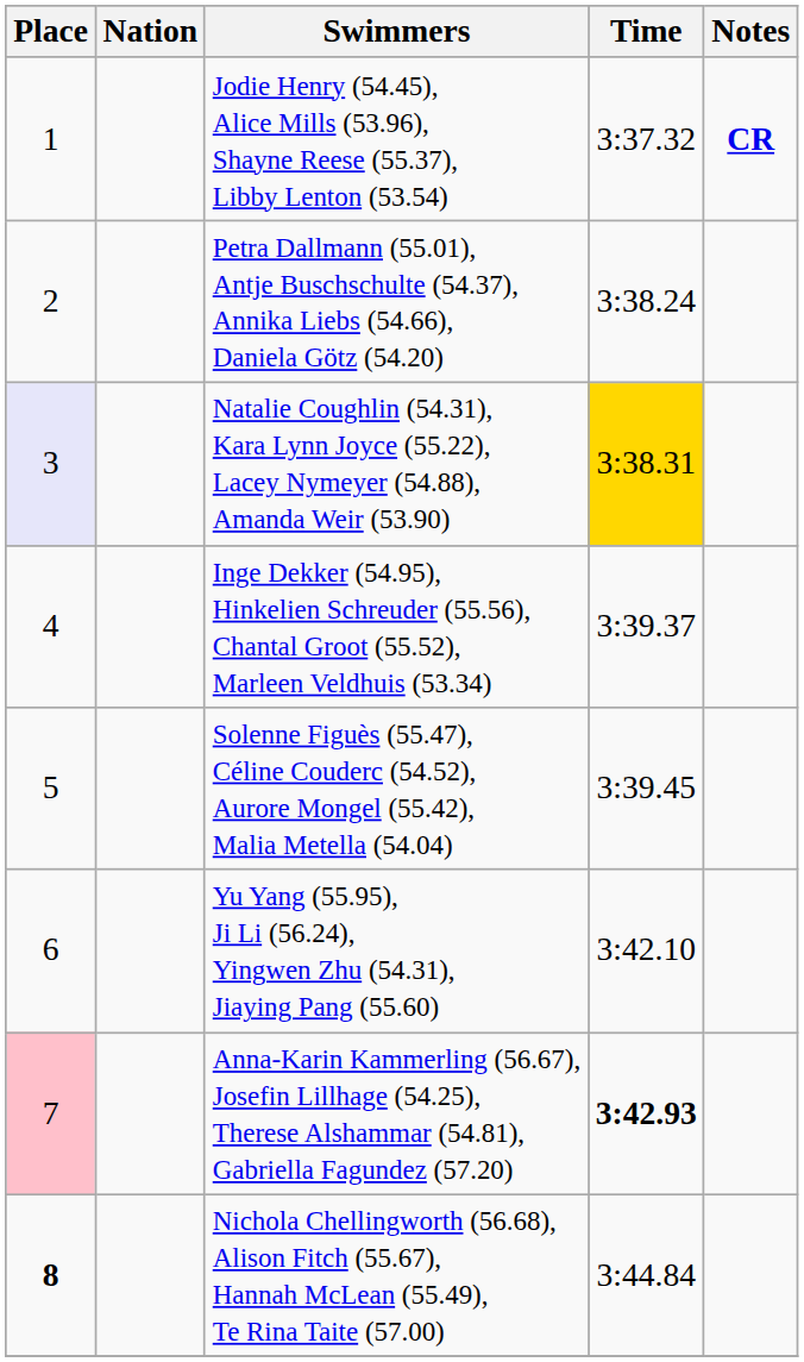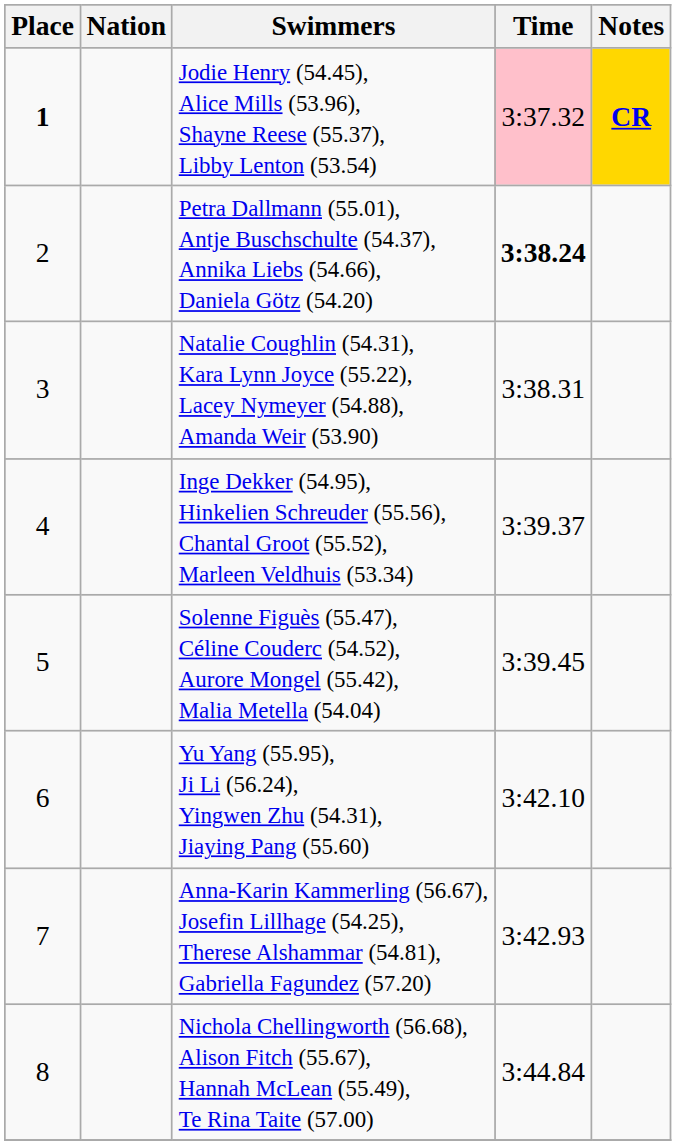 <table class="wikitable sortable" style="text-align:center">
 <tr>
 <th>Place</th>
 <th>Nation</th>
 <th>Swimmers</th>
 <th>Time</th>
 <th>Notes</th>
 </tr>
 <tr>
-<td>1</td>
+<td><strong>1</strong></td>
 <td align=left></td>
 <td align=left><small> <a href='#'>Jodie Henry</a> (54.45),<br> <a href='#'>Alice Mills</a> (53.96),<br> <a href='#'>Shayne Reese</a> (55.37),<br> <a href='#'>Libby Lenton</a> (53.54) </small></td>
-<td>3:37.32</td>
-<td><strong><a href='#'>CR</a></strong></td>
+<td style="background: pink;">3:37.32</td>
+<td style="background: gold;"><strong><a href='#'>CR</a></strong></td>
 </tr>
 <tr>
 <td>2</td>
 <td align=left></td>
 <td align=left><small> <a href='#'>Petra Dallmann</a> (55.01),<br> <a href='#'>Antje Buschschulte</a> (54.37),<br> <a href='#'>Annika Liebs</a> (54.66),<br> <a href='#'>Daniela Götz</a> (54.20) </small></td>
-<td>3:38.24</td>
+<td><strong>3:38.24</strong></td>
 <td></td>
 </tr>
 <tr>
-<td style="background: lavender;">3</td>
+<td>3</td>
 <td align=left></td>
 <td align=left><small> <a href='#'>Natalie Coughlin</a> (54.31),<br> <a href='#'>Kara Lynn Joyce</a> (55.22),<br> <a href='#'>Lacey Nymeyer</a> (54.88),<br> <a href='#'>Amanda Weir</a> (53.90) </small></td>
-<td style="background: gold;">3:38.31</td>
+<td>3:38.31</td>
 <td></td>
 </tr>
 <tr>
 <td>4</td>
 <td align=left></td>
 <td align=left><small> <a href='#'>Inge Dekker</a> (54.95),<br> <a href='#'>Hinkelien Schreuder</a> (55.56),<br> <a href='#'>Chantal Groot</a> (55.52),<br> <a href='#'>Marleen Veldhuis</a> (53.34) </small></td>
 <td>3:39.37</td>
 <td></td>
 </tr>
 <tr>
 <td>5</td>
 <td align=left></td>
 <td align=left><small> <a href='#'>Solenne Figuès</a> (55.47),<br> <a href='#'>Céline Couderc</a> (54.52),<br> <a href='#'>Aurore Mongel</a> (55.42),<br> <a href='#'>Malia Metella</a> (54.04) </small></td>
 <td>3:39.45</td>
 <td></td>
 </tr>
 <tr>
 <td>6</td>
 <td align=left></td>
 <td align=left><small> <a href='#'>Yu Yang</a> (55.95),<br> <a href='#'>Ji Li</a> (56.24),<br> <a href='#'>Yingwen Zhu</a> (54.31),<br> <a href='#'>Jiaying Pang</a> (55.60) </small></td>
 <td>3:42.10</td>
 <td></td>
 </tr>
 <tr>
-<td style="background: pink;">7</td>
+<td>7</td>
 <td align=left></td>
 <td align=left><small> <a href='#'>Anna-Karin Kammerling</a> (56.67),<br> <a href='#'>Josefin Lillhage</a> (54.25),<br> <a href='#'>Therese Alshammar</a> (54.81),<br> <a href='#'>Gabriella Fagundez</a> (57.20) </small></td>
-<td><strong>3:42.93</strong></td>
+<td>3:42.93</td>
 <td></td>
 </tr>
 <tr>
-<td><strong>8</strong></td>
+<td>8</td>
 <td align=left></td>
 <td align=left><small> <a href='#'>Nichola Chellingworth</a> (56.68),<br> <a href='#'>Alison Fitch</a> (55.67),<br> <a href='#'>Hannah McLean</a> (55.49),<br> <a href='#'>Te Rina Taite</a> (57.00) </small></td>
 <td>3:44.84</td>
 <td></td>
 </tr>
 <tr>
 </tr>
 </table>
